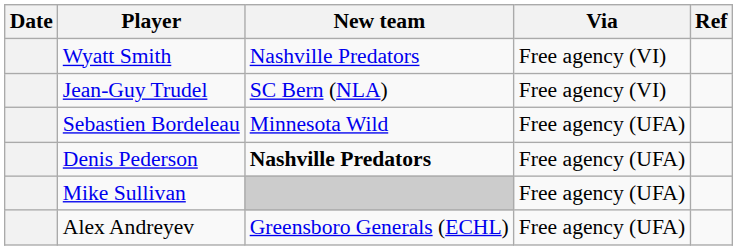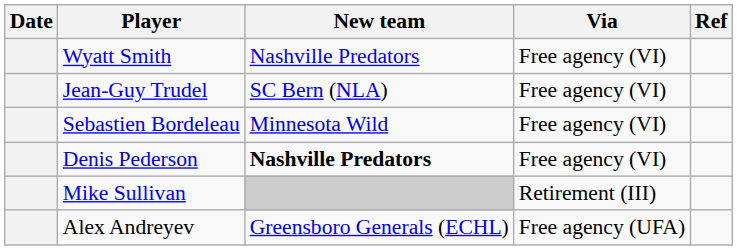 <table class="wikitable plainrowheaders">
 <tr style="background:#ddd; text-align:center;">
 <th>Date</th>
 <th>Player</th>
 <th>New team</th>
 <th>Via</th>
 <th>Ref</th>
 </tr>
 <tr>
 <th scope="row"></th>
 <td><a href='#'>Wyatt Smith</a></td>
 <td><a href='#'>Nashville Predators</a></td>
 <td>Free agency (VI)</td>
 <td></td>
 </tr>
 <tr>
 <th scope="row"></th>
 <td><a href='#'>Jean-Guy Trudel</a></td>
 <td><a href='#'>SC Bern</a> (<a href='#'>NLA</a>)</td>
 <td>Free agency (VI)</td>
 <td></td>
 </tr>
 <tr>
 <th scope="row"></th>
 <td><a href='#'>Sebastien Bordeleau</a></td>
 <td><a href='#'>Minnesota Wild</a></td>
-<td>Free agency (UFA)</td>
+<td>Free agency (VI)</td>
 <td></td>
 </tr>
 <tr>
 <th scope="row"></th>
 <td><a href='#'>Denis Pederson</a></td>
 <td><strong>Nashville Predators</strong></td>
-<td>Free agency (UFA)</td>
+<td>Free agency (VI)</td>
 <td></td>
 </tr>
 <tr>
 <th scope="row"></th>
 <td><a href='#'>Mike Sullivan</a></td>
 <td style="background:#ccc"></td>
-<td>Free agency (UFA)</td>
+<td>Retirement (III)</td>
 <td></td>
 </tr>
 <tr>
 <th scope="row"></th>
 <td>Alex Andreyev</td>
 <td><a href='#'>Greensboro Generals</a> (<a href='#'>ECHL</a>)</td>
 <td>Free agency (UFA)</td>
 <td></td>
 </tr>
 </table>
